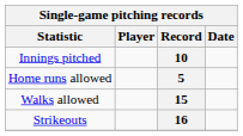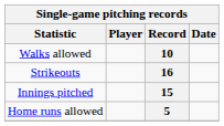 <table class="wikitable" style="text-align:center">
 <tr>
 <th colspan=4>Single-game pitching records</th>
 </tr>
 <tr>
 <th scope="col">Statistic</th>
 <th scope="col">Player</th>
 <th scope="col" class="unsortable">Record</th>
 <th scope="col">Date</th>
 </tr>
 <tr>
+<td><a href='#'>Walks</a> allowed</td>
+<td></td>
+<th scope="row">10</th>
+<td></td>
+</tr>
+<tr>
+<td><a href='#'>Strikeouts</a></td>
+<td></td>
+<th scope="row">16</th>
+<td></td>
+</tr>
+<tr>
 <td><a href='#'>Innings pitched</a></td>
 <td></td>
-<th scope="row">10</th>
+<th scope="row">15</th>
 <td></td>
 </tr>
 <tr>
 <td><a href='#'>Home runs</a> allowed</td>
 <td></td>
 <th scope="row">5</th>
 <td></td>
 </tr>
 <tr>
-<td><a href='#'>Walks</a> allowed</td>
-<td></td>
-<th scope="row">15</th>
-<td></td>
-</tr>
-<tr>
-<td><a href='#'>Strikeouts</a></td>
-<td></td>
-<th scope="row">16</th>
-<td></td>
-</tr>
-<tr>
 </tr>
 </table>
